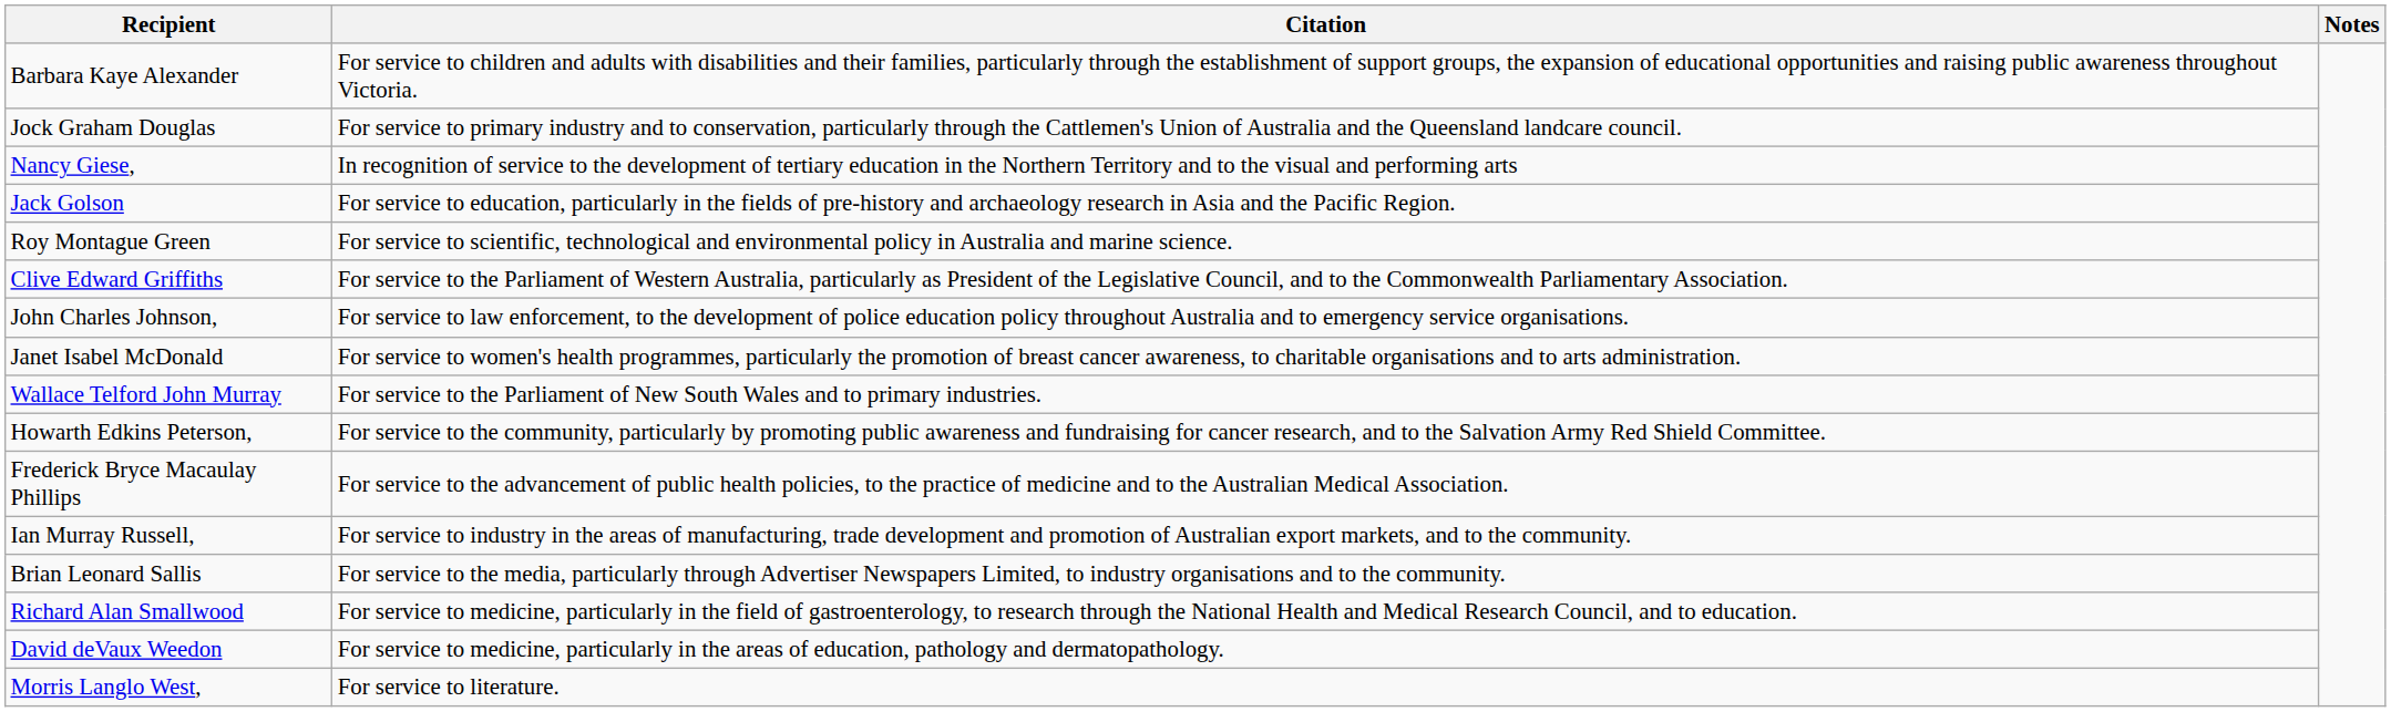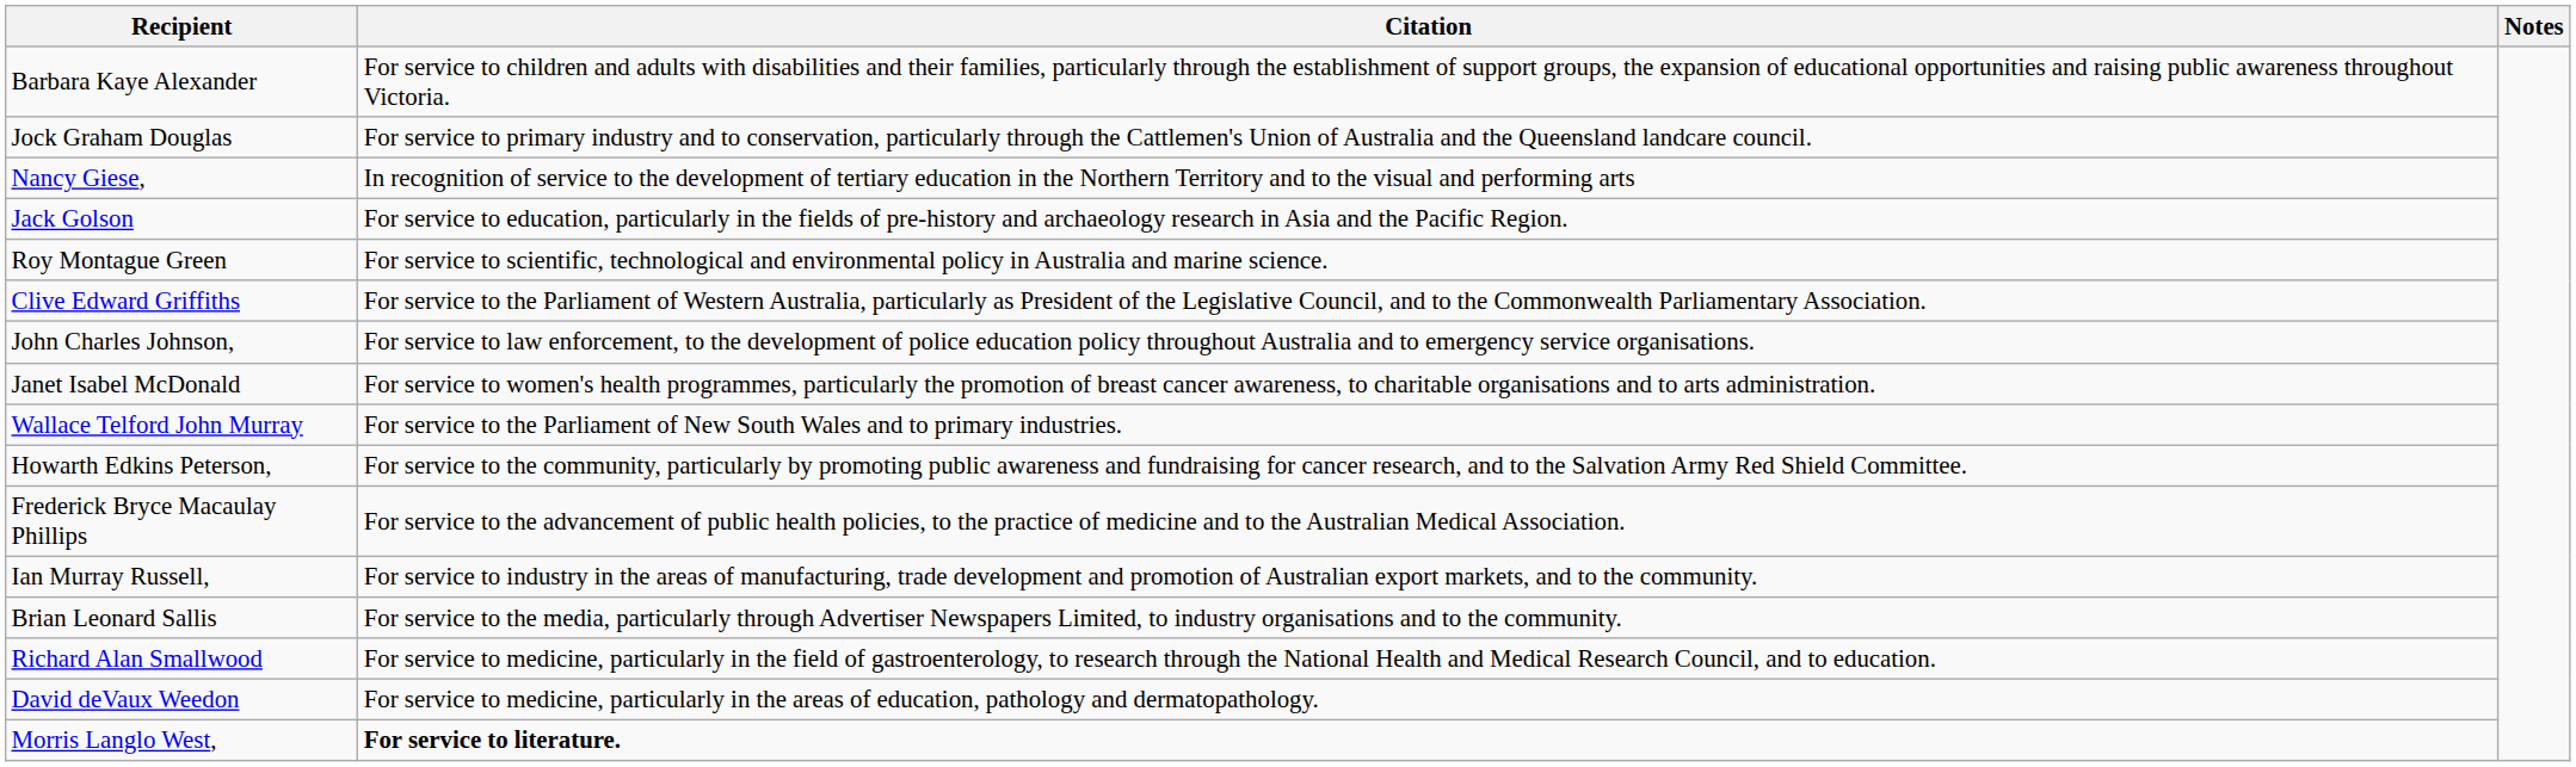 <table class="wikitable" style="font-size:95%;">
 <tr>
 <th>Recipient</th>
 <th>Citation</th>
 <th>Notes</th>
 </tr>
 <tr>
 <td>Barbara Kaye Alexander</td>
 <td>For service to children and adults with disabilities and their families, particularly through the establishment of support groups, the expansion of educational opportunities and raising public awareness throughout Victoria.</td>
 <td rowspan=16></td>
 </tr>
 <tr>
 <td>Jock Graham Douglas</td>
 <td>For service to primary industry and to conservation, particularly through the Cattlemen's Union of Australia and the Queensland landcare council.</td>
 </tr>
 <tr>
 <td><a href='#'>Nancy Giese</a>, </td>
 <td>In recognition of service to the development of tertiary education in the Northern Territory and to the visual and performing arts</td>
 </tr>
 <tr>
 <td> <a href='#'>Jack Golson</a></td>
 <td>For service to education, particularly in the fields of pre-history and archaeology research in Asia and the Pacific Region.</td>
 </tr>
 <tr>
 <td> Roy Montague Green</td>
 <td>For service to scientific, technological and environmental policy in Australia and marine science.</td>
 </tr>
 <tr>
 <td> <a href='#'>Clive Edward Griffiths</a></td>
 <td>For service to the Parliament of Western Australia, particularly as President of the Legislative Council, and to the Commonwealth Parliamentary Association.</td>
 </tr>
 <tr>
 <td>John Charles Johnson, </td>
 <td>For service to law enforcement, to the development of police education policy throughout Australia and to emergency service organisations.</td>
 </tr>
 <tr>
 <td>Janet Isabel McDonald</td>
 <td>For service to women's health programmes, particularly the promotion of breast cancer awareness, to charitable organisations and to arts administration.</td>
 </tr>
 <tr>
 <td> <a href='#'>Wallace Telford John Murray</a></td>
 <td>For service to the Parliament of New South Wales and to primary industries.</td>
 </tr>
 <tr>
 <td>Howarth Edkins Peterson, </td>
 <td>For service to the community, particularly by promoting public awareness and fundraising for cancer research, and to the Salvation Army Red Shield Committee.</td>
 </tr>
 <tr>
 <td> Frederick Bryce Macaulay Phillips</td>
 <td>For service to the advancement of public health policies, to the practice of medicine and to the Australian Medical Association.</td>
 </tr>
 <tr>
 <td>Ian Murray Russell, </td>
 <td>For service to industry in the areas of manufacturing, trade development and promotion of Australian export markets, and to the community.</td>
 </tr>
 <tr>
 <td>Brian Leonard Sallis</td>
 <td>For service to the media, particularly through Advertiser Newspapers Limited, to industry organisations and to the community.</td>
 </tr>
 <tr>
 <td> <a href='#'>Richard Alan Smallwood</a></td>
 <td>For service to medicine, particularly in the field of gastroenterology, to research through the National Health and Medical Research Council, and to education.</td>
 </tr>
 <tr>
 <td> <a href='#'>David deVaux Weedon</a></td>
 <td>For service to medicine, particularly in the areas of education, pathology and dermatopathology.</td>
 </tr>
 <tr>
 <td><a href='#'>Morris Langlo West</a>, </td>
-<td>For service to literature.</td>
+<td><strong>For service to literature.</strong></td>
 </tr>
 </table>
